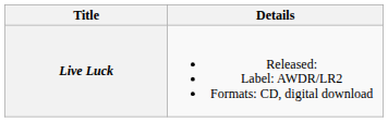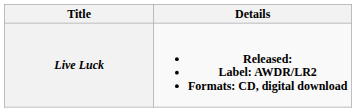 <table class="wikitable plainrowheaders" style="text-align:center;">
 <tr>
 <th scope="col" style="width:12em;">Title</th>
 <th scope="col" style="width:16em;">Details</th>
 </tr>
 <tr>
 <th scope="row"><em>Live Luck</em></th>
-<td><br><ul><li>Released: </li><li>Label: AWDR/LR2</li><li>Formats: CD, digital download</li></ul></td>
+<td><strong><br><ul><li>Released: </li><li>Label: AWDR/LR2</li><li>Formats: CD, digital download</li></ul></strong></td>
 </tr>
 </table>
